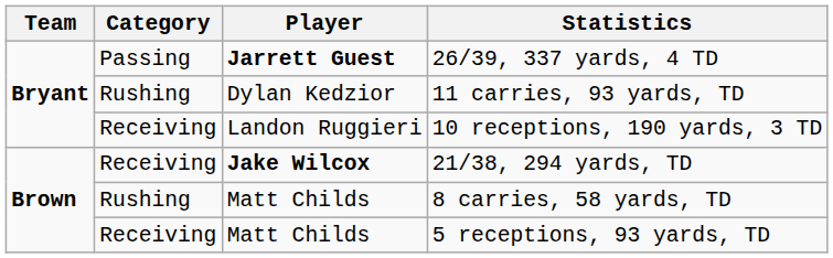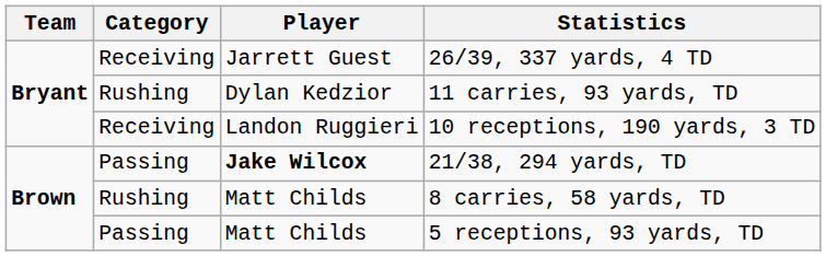 <table class="wikitable" style="float: right;">
 <tr>
 <th>Team</th>
 <th>Category</th>
 <th>Player</th>
 <th>Statistics</th>
 </tr>
 <tr>
 <td rowspan=3><strong>Bryant</strong></td>
-<td>Passing</td>
-<td><strong>Jarrett Guest</strong></td>
+<td>Receiving</td>
+<td>Jarrett Guest</td>
 <td>26/39, 337 yards, 4 TD</td>
 </tr>
 <tr>
 <td>Rushing</td>
 <td>Dylan Kedzior</td>
 <td>11 carries, 93 yards, TD</td>
 </tr>
 <tr>
 <td>Receiving</td>
 <td>Landon Ruggieri</td>
 <td>10 receptions, 190 yards, 3 TD</td>
 </tr>
 <tr>
 <td rowspan=3><strong>Brown</strong></td>
-<td>Receiving</td>
+<td>Passing</td>
 <td><strong>Jake Wilcox</strong></td>
 <td>21/38, 294 yards, TD</td>
 </tr>
 <tr>
 <td>Rushing</td>
 <td>Matt Childs</td>
 <td>8 carries, 58 yards, TD</td>
 </tr>
 <tr>
-<td>Receiving</td>
+<td>Passing</td>
 <td>Matt Childs</td>
 <td>5 receptions, 93 yards, TD</td>
 </tr>
 </table>
